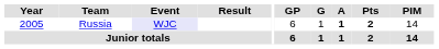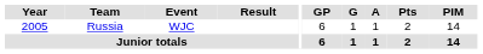 <table border="0" cellpadding="1" cellspacing="0" ID="Table3" style="text-align:center; width:40em">
 <tr ALIGN="center" bgcolor="#e0e0e0">
 <th>Year</th>
 <th>Team</th>
 <th>Event</th>
 <th>Result</th>
 <th rowspan="99" bgcolor="#ffffff"></th>
 <th>GP</th>
 <th>G</th>
 <th>A</th>
 <th>Pts</th>
 <th>PIM</th>
 </tr>
 <tr ALIGN="center">
 <td><a href='#'>2005</a></td>
 <td><a href='#'>Russia</a></td>
-<td style="background: lavender;"><a href='#'>WJC</a></td>
+<td><a href='#'>WJC</a></td>
 <td></td>
 <td>6</td>
 <td>1</td>
-<td><strong>1</strong></td>
-<td><strong>2</strong></td>
+<td>1</td>
+<td>2</td>
 <td>14</td>
 </tr>
 <tr bgcolor="#e0e0e0">
 <th colspan="4">Junior totals</th>
 <th>6</th>
 <th>1</th>
 <th>1</th>
 <th>2</th>
 <th>14</th>
 </tr>
 </table>
